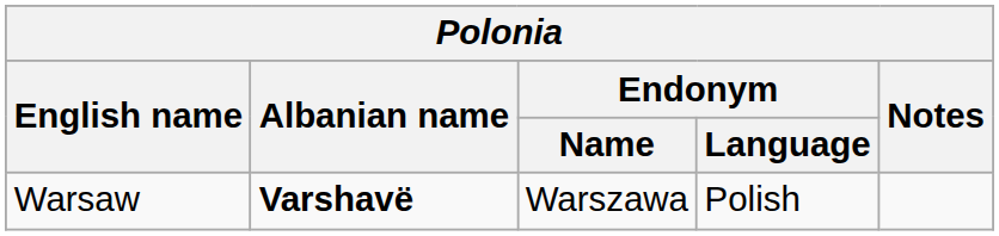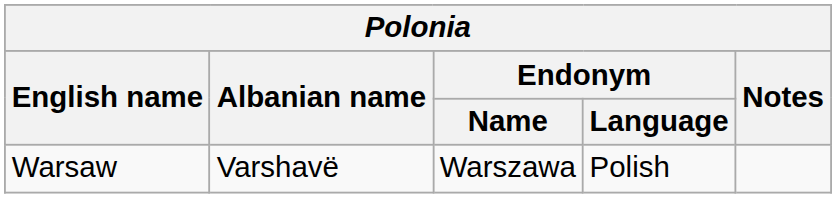 <table class="wikitable sortable">
 <tr>
 <th colspan="5"> <em>Polonia</em></th>
 </tr>
 <tr>
 <th rowspan="2">English name</th>
 <th rowspan="2">Albanian name</th>
 <th colspan="2">Endonym</th>
 <th rowspan="2">Notes</th>
 </tr>
 <tr>
 <th>Name</th>
 <th>Language</th>
 </tr>
 <tr>
 <td>Warsaw</td>
-<td><strong>Varshavë</strong></td>
+<td>Varshavë</td>
 <td>Warszawa</td>
 <td>Polish</td>
 <td></td>
 </tr>
 </table>
